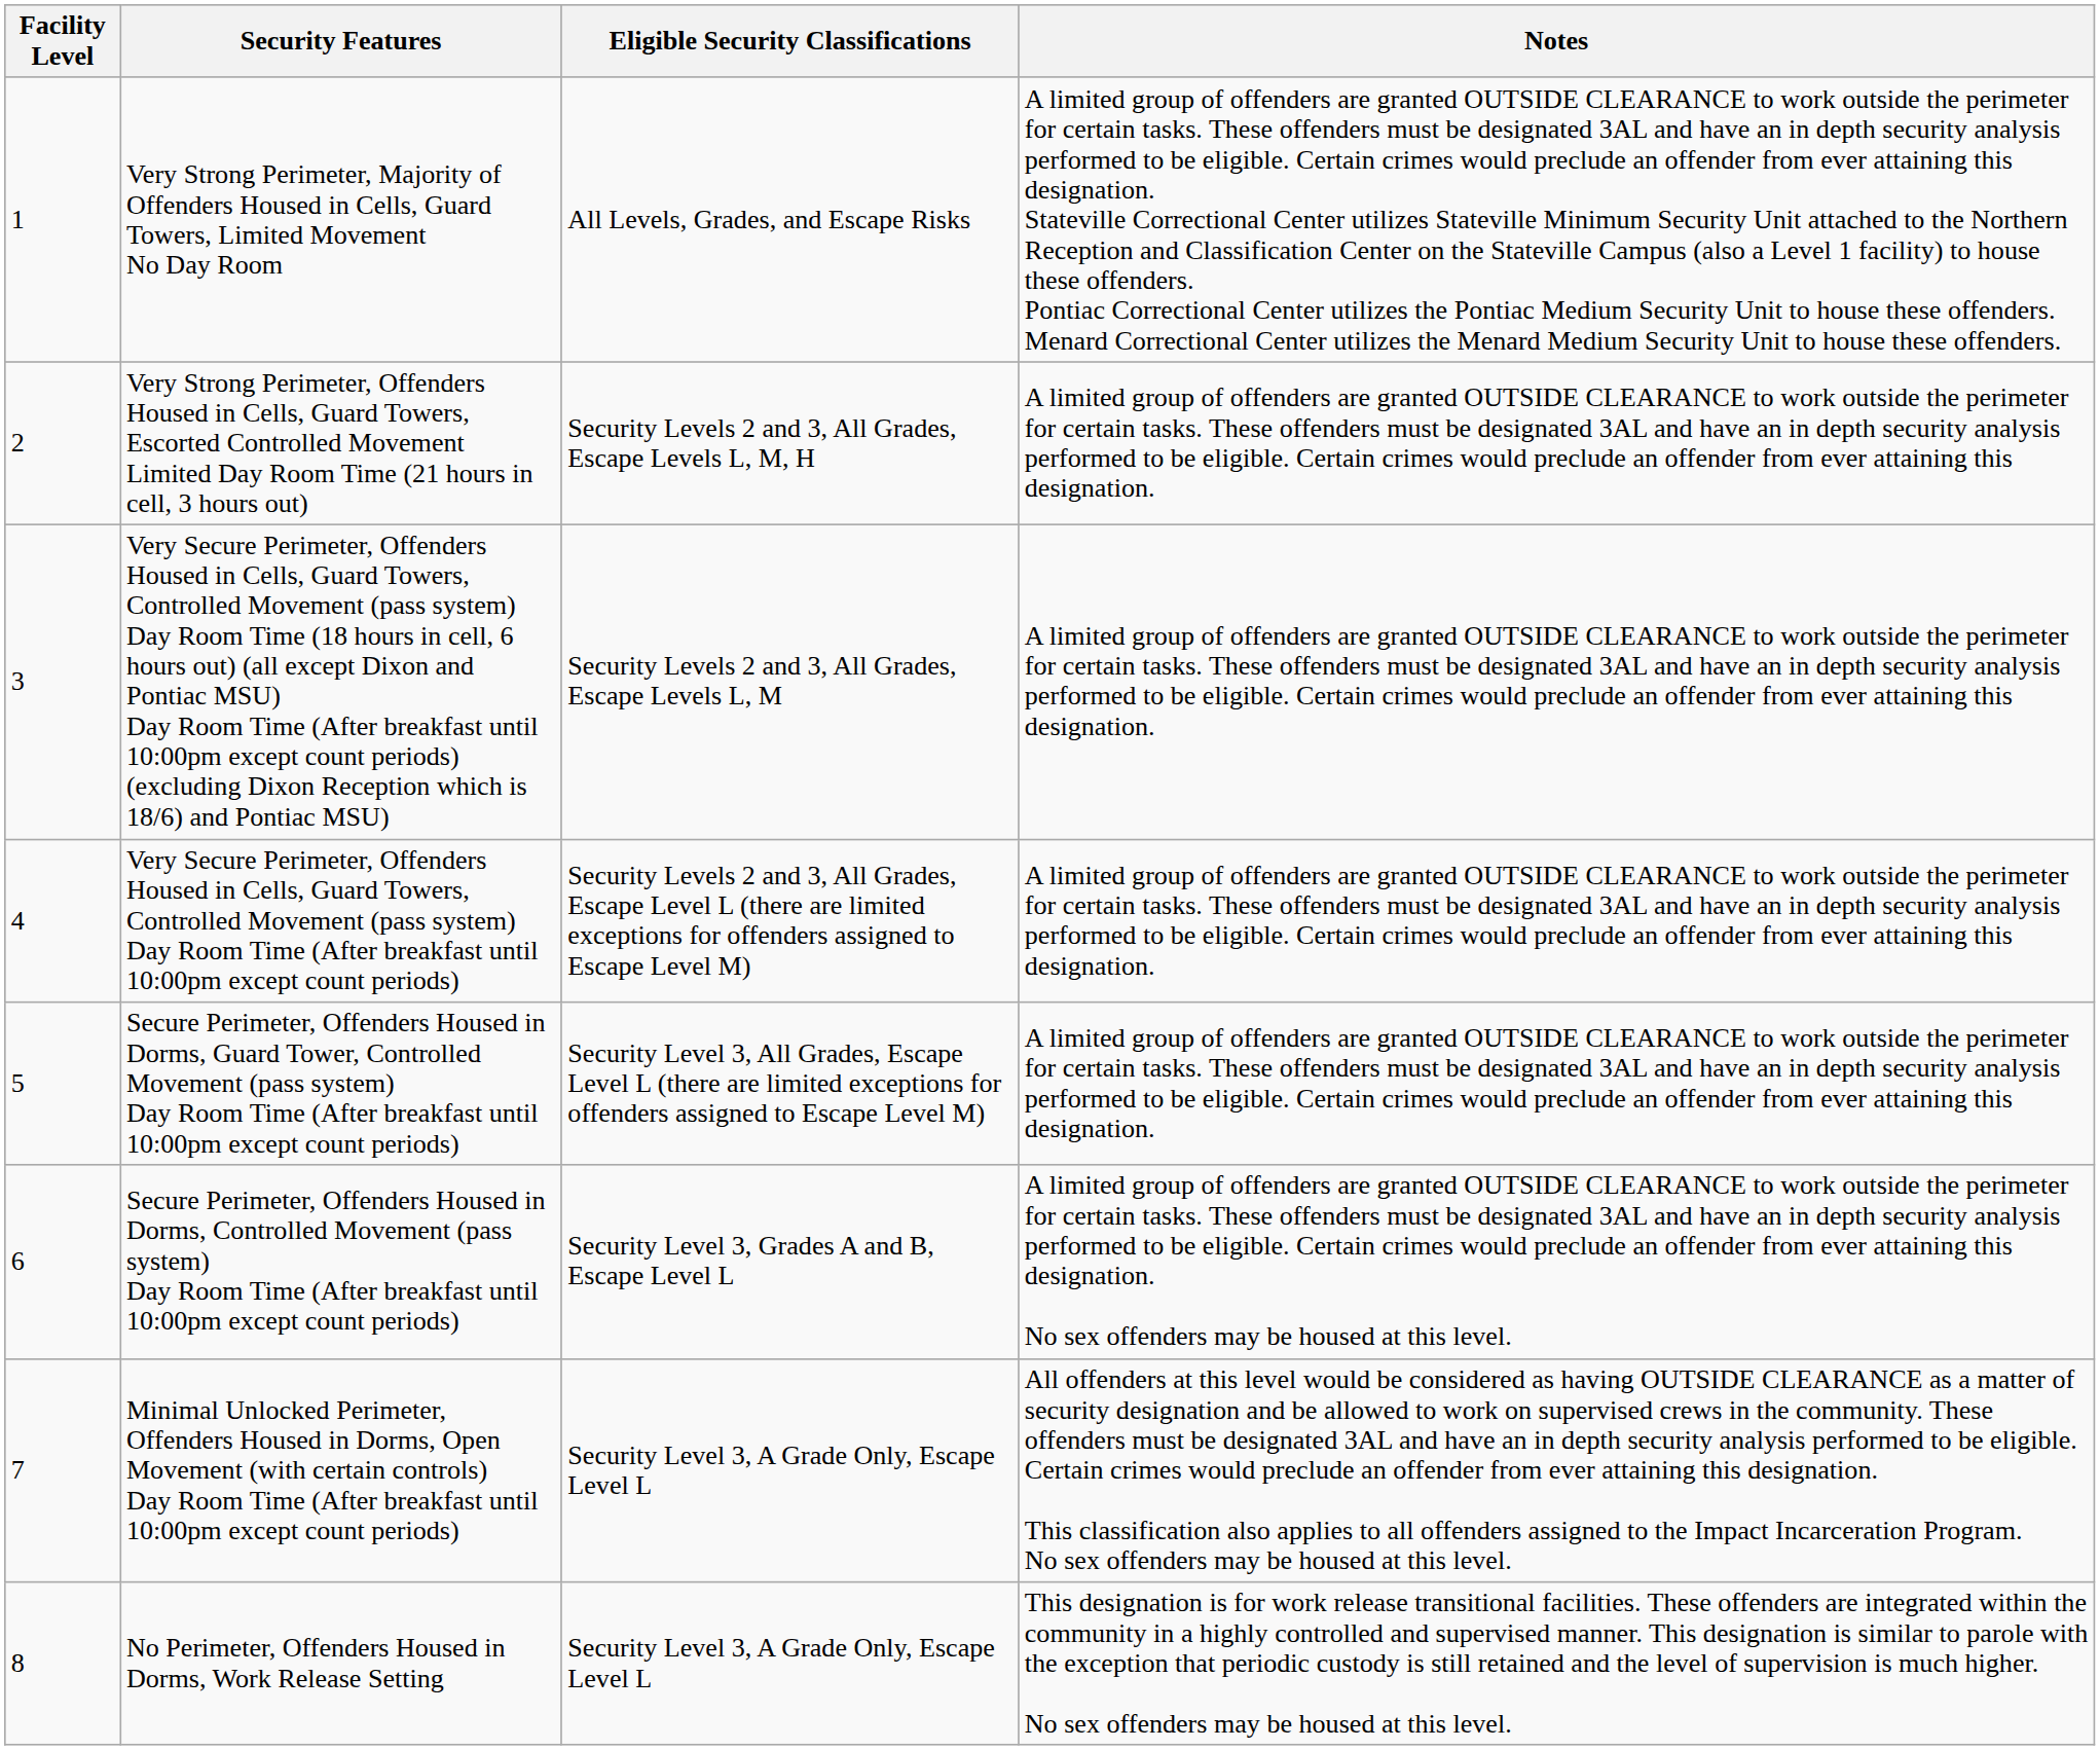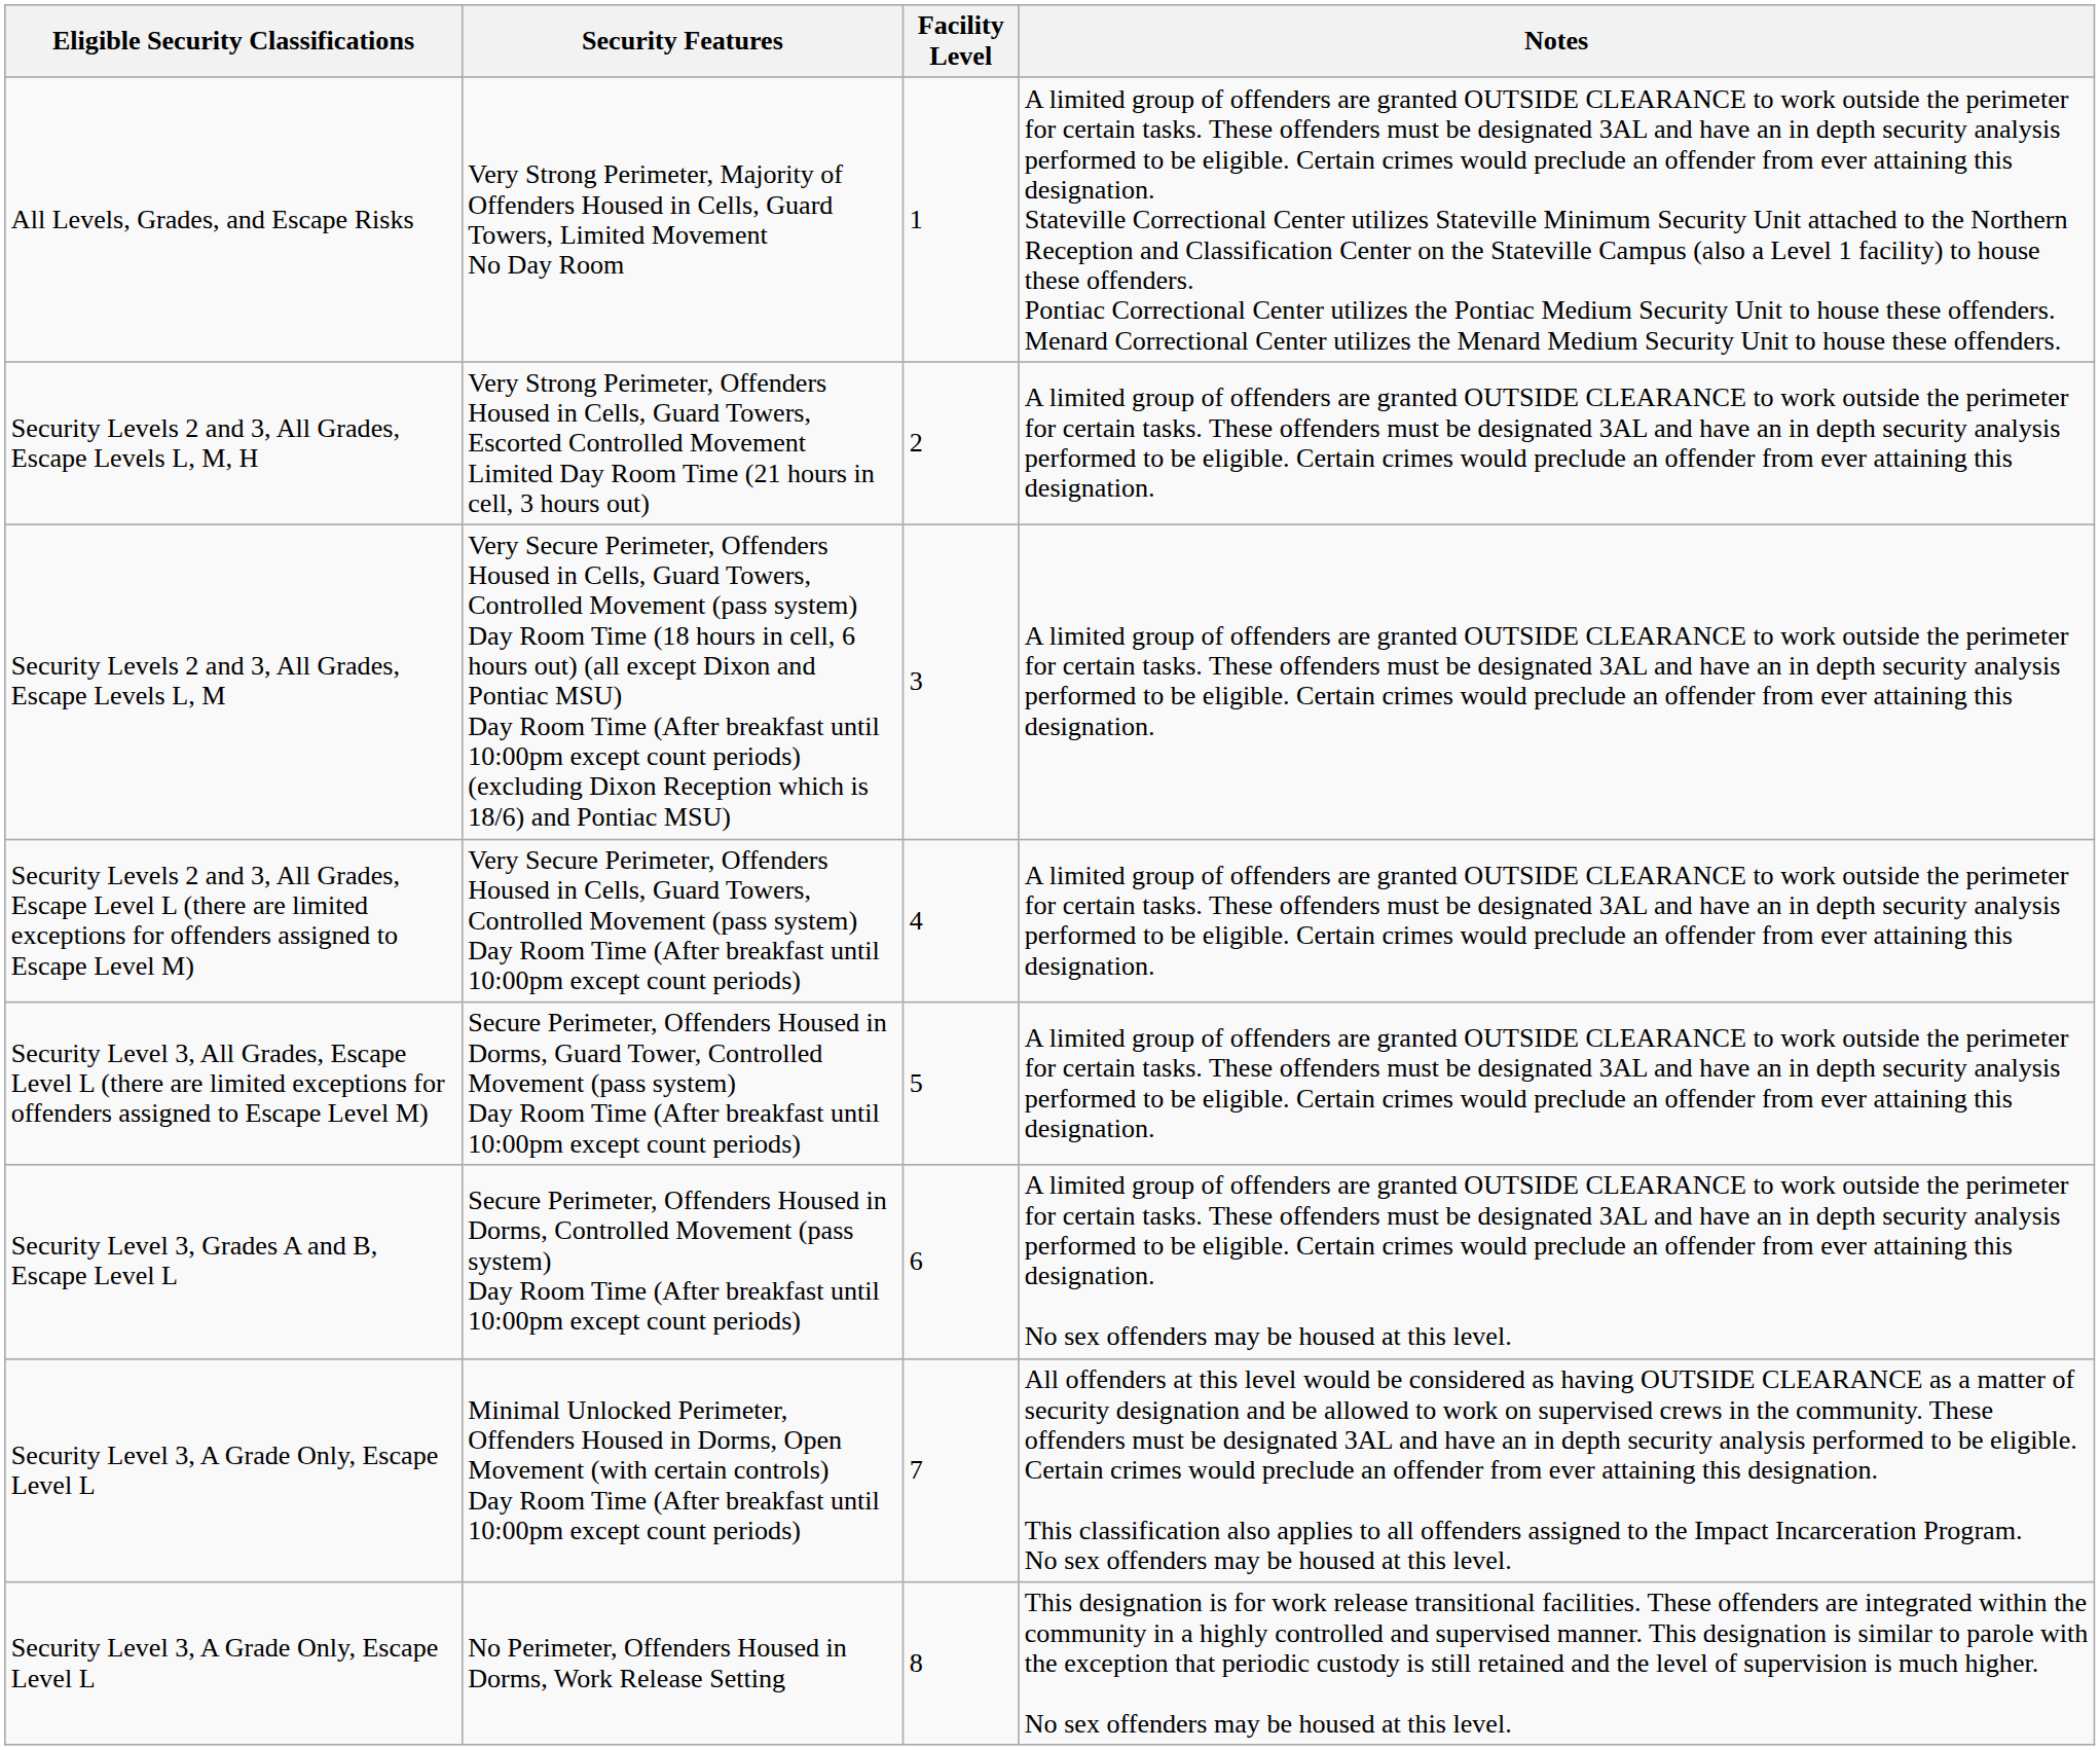 <table class="wikitable">
 <tr>
+<th>Eligible Security Classifications</th>
+<th>Security Features</th>
 <th>Facility Level</th>
-<th>Security Features</th>
-<th>Eligible Security Classifications</th>
 <th>Notes</th>
 </tr>
 <tr>
+<td>All Levels, Grades, and Escape Risks</td>
+<td>Very Strong Perimeter, Majority of Offenders Housed in Cells, Guard Towers, Limited Movement<br>No Day Room</td>
 <td>1</td>
-<td>Very Strong Perimeter, Majority of Offenders Housed in Cells, Guard Towers, Limited Movement<br>No Day Room</td>
-<td>All Levels, Grades, and Escape Risks</td>
 <td>A limited group of offenders are granted OUTSIDE CLEARANCE to work outside the perimeter for certain tasks. These offenders must be designated 3AL and have an in depth security analysis performed to be eligible. Certain crimes would preclude an offender from ever attaining this designation.<br>Stateville Correctional Center utilizes Stateville Minimum Security Unit attached to the Northern Reception and Classification Center on the Stateville Campus (also a Level 1 facility) to house these offenders.<br>Pontiac Correctional Center utilizes the Pontiac Medium Security Unit to house these offenders.<br>Menard Correctional Center utilizes the Menard Medium Security Unit to house these offenders.</td>
 </tr>
 <tr>
+<td>Security Levels 2 and 3, All Grades, Escape Levels L, M, H</td>
+<td>Very Strong Perimeter, Offenders Housed in Cells, Guard Towers, Escorted Controlled Movement<br>Limited Day Room Time (21 hours in cell, 3 hours out)</td>
 <td>2</td>
-<td>Very Strong Perimeter, Offenders Housed in Cells, Guard Towers, Escorted Controlled Movement<br>Limited Day Room Time (21 hours in cell, 3 hours out)</td>
-<td>Security Levels 2 and 3, All Grades, Escape Levels L, M, H</td>
 <td>A limited group of offenders are granted OUTSIDE CLEARANCE to work outside the perimeter for certain tasks. These offenders must be designated 3AL and have an in depth security analysis performed to be eligible. Certain crimes would preclude an offender from ever attaining this designation.</td>
 </tr>
 <tr>
+<td>Security Levels 2 and 3, All Grades, Escape Levels L, M</td>
+<td>Very Secure Perimeter, Offenders Housed in Cells, Guard Towers, Controlled Movement (pass system)<br>Day Room Time (18 hours in cell, 6 hours out) (all except Dixon and Pontiac MSU)<br>Day Room Time (After breakfast until 10:00pm except count periods) (excluding Dixon Reception which is 18/6) and Pontiac MSU)</td>
 <td>3</td>
-<td>Very Secure Perimeter, Offenders Housed in Cells, Guard Towers, Controlled Movement (pass system)<br>Day Room Time (18 hours in cell, 6 hours out) (all except Dixon and Pontiac MSU)<br>Day Room Time (After breakfast until 10:00pm except count periods) (excluding Dixon Reception which is 18/6) and Pontiac MSU)</td>
-<td>Security Levels 2 and 3, All Grades, Escape Levels L, M</td>
 <td>A limited group of offenders are granted OUTSIDE CLEARANCE to work outside the perimeter for certain tasks. These offenders must be designated 3AL and have an in depth security analysis performed to be eligible. Certain crimes would preclude an offender from ever attaining this designation.</td>
 </tr>
 <tr>
+<td>Security Levels 2 and 3, All Grades, Escape Level L (there are limited exceptions for offenders assigned to Escape Level M)</td>
+<td>Very Secure Perimeter, Offenders Housed in Cells, Guard Towers, Controlled Movement (pass system)<br>Day Room Time (After breakfast until 10:00pm except count periods)</td>
 <td>4</td>
-<td>Very Secure Perimeter, Offenders Housed in Cells, Guard Towers, Controlled Movement (pass system)<br>Day Room Time (After breakfast until 10:00pm except count periods)</td>
-<td>Security Levels 2 and 3, All Grades, Escape Level L (there are limited exceptions for offenders assigned to Escape Level M)</td>
 <td>A limited group of offenders are granted OUTSIDE CLEARANCE to work outside the perimeter for certain tasks. These offenders must be designated 3AL and have an in depth security analysis performed to be eligible. Certain crimes would preclude an offender from ever attaining this designation.</td>
 </tr>
 <tr>
+<td>Security Level 3, All Grades, Escape Level L (there are limited exceptions for offenders assigned to Escape Level M)</td>
+<td>Secure Perimeter, Offenders Housed in Dorms, Guard Tower, Controlled Movement (pass system)<br>Day Room Time (After breakfast until 10:00pm except count periods)</td>
 <td>5</td>
-<td>Secure Perimeter, Offenders Housed in Dorms, Guard Tower, Controlled Movement (pass system)<br>Day Room Time (After breakfast until 10:00pm except count periods)</td>
-<td>Security Level 3, All Grades, Escape Level L (there are limited exceptions for offenders assigned to Escape Level M)</td>
 <td>A limited group of offenders are granted OUTSIDE CLEARANCE to work outside the perimeter for certain tasks. These offenders must be designated 3AL and have an in depth security analysis performed to be eligible. Certain crimes would preclude an offender from ever attaining this designation.</td>
 </tr>
 <tr>
+<td>Security Level 3, Grades A and B, Escape Level L</td>
+<td>Secure Perimeter, Offenders Housed in Dorms, Controlled Movement (pass system)<br>Day Room Time (After breakfast until 10:00pm except count periods)</td>
 <td>6</td>
-<td>Secure Perimeter, Offenders Housed in Dorms, Controlled Movement (pass system)<br>Day Room Time (After breakfast until 10:00pm except count periods)</td>
-<td>Security Level 3, Grades A and B, Escape Level L</td>
 <td>A limited group of offenders are granted OUTSIDE CLEARANCE to work outside the perimeter for certain tasks. These offenders must be designated 3AL and have an in depth security analysis performed to be eligible. Certain crimes would preclude an offender from ever attaining this designation.<br><br> No sex offenders may be housed at this level.</td>
 </tr>
 <tr>
+<td>Security Level 3, A Grade Only, Escape Level L</td>
+<td>Minimal Unlocked Perimeter, Offenders Housed in Dorms, Open Movement (with certain controls)<br>Day Room Time (After breakfast until 10:00pm except count periods)</td>
 <td>7</td>
-<td>Minimal Unlocked Perimeter, Offenders Housed in Dorms, Open Movement (with certain controls)<br>Day Room Time (After breakfast until 10:00pm except count periods)</td>
-<td>Security Level 3, A Grade Only, Escape Level L</td>
 <td>All offenders at this level would be considered as having OUTSIDE CLEARANCE as a matter of security designation and be allowed to work on supervised crews in the community. These offenders must be designated 3AL and have an in depth security analysis performed to be eligible. Certain crimes would preclude an offender from ever attaining this designation.<br><br> This classification also applies to all offenders assigned to the Impact Incarceration Program. <br> No sex offenders may be housed at this level.</td>
 </tr>
 <tr>
+<td>Security Level 3, A Grade Only, Escape Level L</td>
+<td>No Perimeter, Offenders Housed in Dorms, Work Release Setting</td>
 <td>8</td>
-<td>No Perimeter, Offenders Housed in Dorms, Work Release Setting</td>
-<td>Security Level 3, A Grade Only, Escape Level L</td>
 <td>This designation is for work release transitional facilities. These offenders are integrated within the community in a highly controlled and supervised manner. This designation is similar to parole with the exception that periodic custody is still retained and the level of supervision is much higher.<br><br> No sex offenders may be housed at this level.</td>
 </tr>
 </table>
